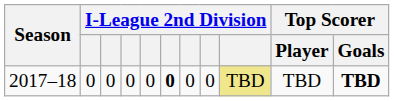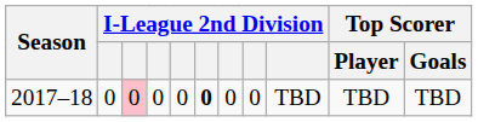 <table class="wikitable sortable" style="text-align: center">
 <tr>
 <th scope="col" rowspan="2">Season</th>
 <th colspan=8 class="unsortable"><a href='#'>I-League 2nd Division</a></th>
 <th scope="col" colspan=3 class="unsortable">Top Scorer</th>
 </tr>
 <tr>
 <th></th>
 <th></th>
 <th></th>
 <th></th>
 <th></th>
 <th></th>
 <th></th>
 <th></th>
 <th class="unsortable">Player</th>
 <th class="unsortable">Goals</th>
 </tr>
 <tr>
 <td>2017–18</td>
 <td>0</td>
-<td>0</td>
+<td style="background: pink;">0</td>
 <td>0</td>
 <td>0</td>
 <td><strong>0</strong></td>
 <td>0</td>
 <td>0</td>
-<td style="background: khaki;">TBD</td>
 <td>TBD</td>
-<td><strong>TBD</strong></td>
+<td>TBD</td>
+<td>TBD</td>
 </tr>
 </table>
